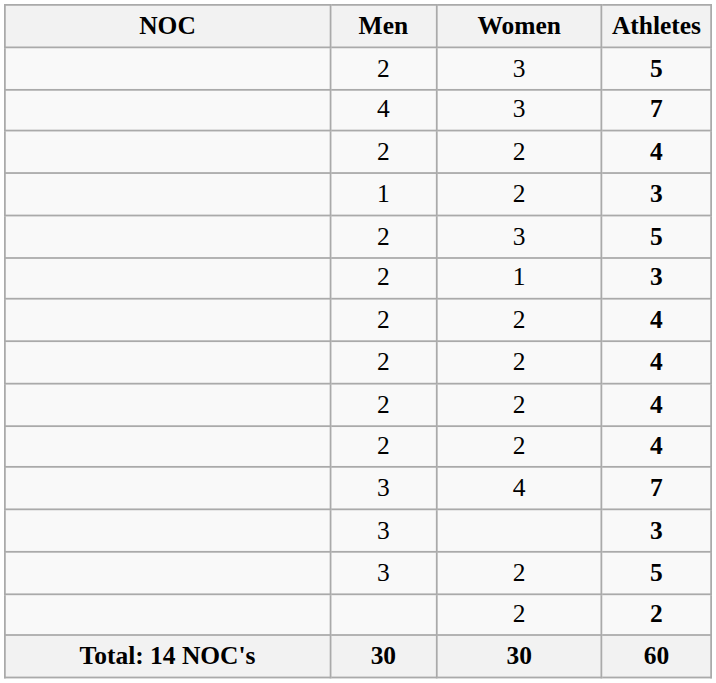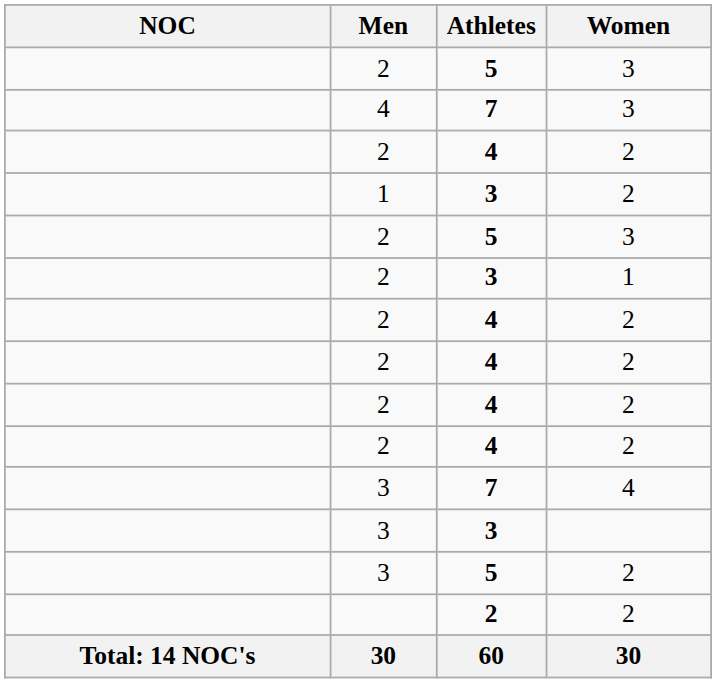 <table class="wikitable sortable" width=400 style="text-align:center; font-size:90%">
 <tr>
 <th>NOC</th>
 <th>Men</th>
+<th width=55>Athletes</th>
 <th>Women</th>
-<th width=55>Athletes</th>
 </tr>
 <tr>
 <td align=left></td>
 <td>2</td>
+<td><strong>5</strong></td>
 <td>3</td>
-<td><strong>5</strong></td>
 </tr>
 <tr>
 <td align=left></td>
 <td>4</td>
+<td><strong>7</strong></td>
 <td>3</td>
-<td><strong>7</strong></td>
 </tr>
 <tr>
 <td align=left></td>
 <td>2</td>
+<td><strong>4</strong></td>
 <td>2</td>
-<td><strong>4</strong></td>
 </tr>
 <tr>
 <td align=left></td>
 <td>1</td>
+<td><strong>3</strong></td>
 <td>2</td>
-<td><strong>3</strong></td>
 </tr>
 <tr>
 <td align=left></td>
 <td>2</td>
+<td><strong>5</strong></td>
 <td>3</td>
-<td><strong>5</strong></td>
 </tr>
 <tr>
 <td align=left></td>
 <td>2</td>
+<td><strong>3</strong></td>
 <td>1</td>
-<td><strong>3</strong></td>
 </tr>
 <tr>
 <td align=left></td>
 <td>2</td>
+<td><strong>4</strong></td>
 <td>2</td>
-<td><strong>4</strong></td>
 </tr>
 <tr>
 <td align=left></td>
 <td>2</td>
+<td><strong>4</strong></td>
 <td>2</td>
-<td><strong>4</strong></td>
 </tr>
 <tr>
 <td align=left></td>
 <td>2</td>
+<td><strong>4</strong></td>
 <td>2</td>
-<td><strong>4</strong></td>
 </tr>
 <tr>
 <td align=left></td>
 <td>2</td>
+<td><strong>4</strong></td>
 <td>2</td>
-<td><strong>4</strong></td>
 </tr>
 <tr>
 <td align=left></td>
 <td>3</td>
+<td><strong>7</strong></td>
 <td>4</td>
-<td><strong>7</strong></td>
 </tr>
 <tr>
 <td align=left></td>
 <td>3</td>
+<td><strong>3</strong></td>
 <td></td>
-<td><strong>3</strong></td>
 </tr>
 <tr>
 <td align=left></td>
 <td>3</td>
+<td><strong>5</strong></td>
 <td>2</td>
-<td><strong>5</strong></td>
 </tr>
 <tr>
 <td align=left></td>
 <td></td>
+<td><strong>2</strong></td>
 <td>2</td>
-<td><strong>2</strong></td>
 </tr>
 <tr>
 <th>Total: 14 NOC's</th>
 <th>30</th>
+<th>60</th>
 <th>30</th>
-<th>60</th>
 </tr>
 </table>
